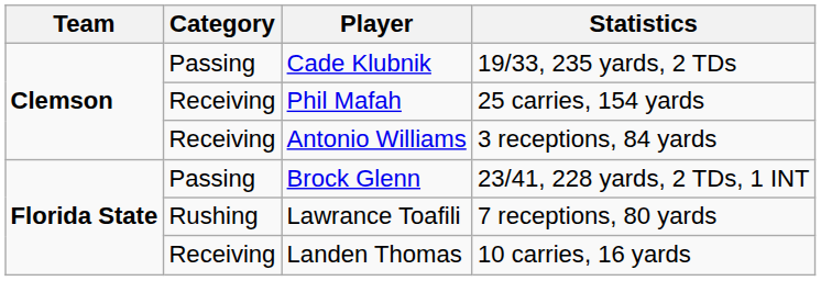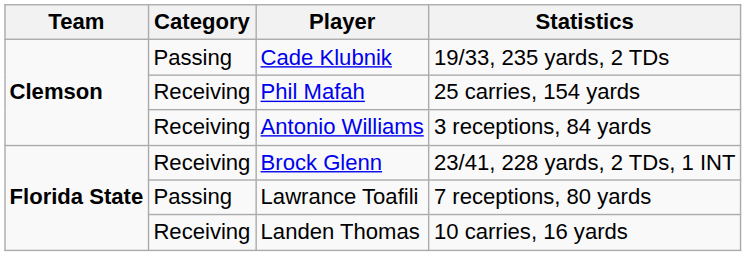 <table class="wikitable" style="float: right;">
 <tr>
 <th>Team</th>
 <th>Category</th>
 <th>Player</th>
 <th>Statistics</th>
 </tr>
 <tr>
 <td rowspan=3><strong>Clemson</strong></td>
 <td>Passing</td>
 <td><a href='#'>Cade Klubnik</a></td>
 <td>19/33, 235 yards, 2 TDs</td>
 </tr>
 <tr>
 <td>Receiving</td>
 <td><a href='#'>Phil Mafah</a></td>
 <td>25 carries, 154 yards</td>
 </tr>
 <tr>
 <td>Receiving</td>
 <td><a href='#'>Antonio Williams</a></td>
 <td>3 receptions, 84 yards</td>
 </tr>
 <tr>
 <td rowspan=3><strong>Florida State</strong></td>
-<td>Passing</td>
+<td>Receiving</td>
 <td><a href='#'>Brock Glenn</a></td>
 <td>23/41, 228 yards, 2 TDs, 1 INT</td>
 </tr>
 <tr>
-<td>Rushing</td>
+<td>Passing</td>
 <td>Lawrance Toafili</td>
 <td>7 receptions, 80 yards</td>
 </tr>
 <tr>
 <td>Receiving</td>
 <td>Landen Thomas</td>
 <td>10 carries, 16 yards</td>
 </tr>
 </table>
